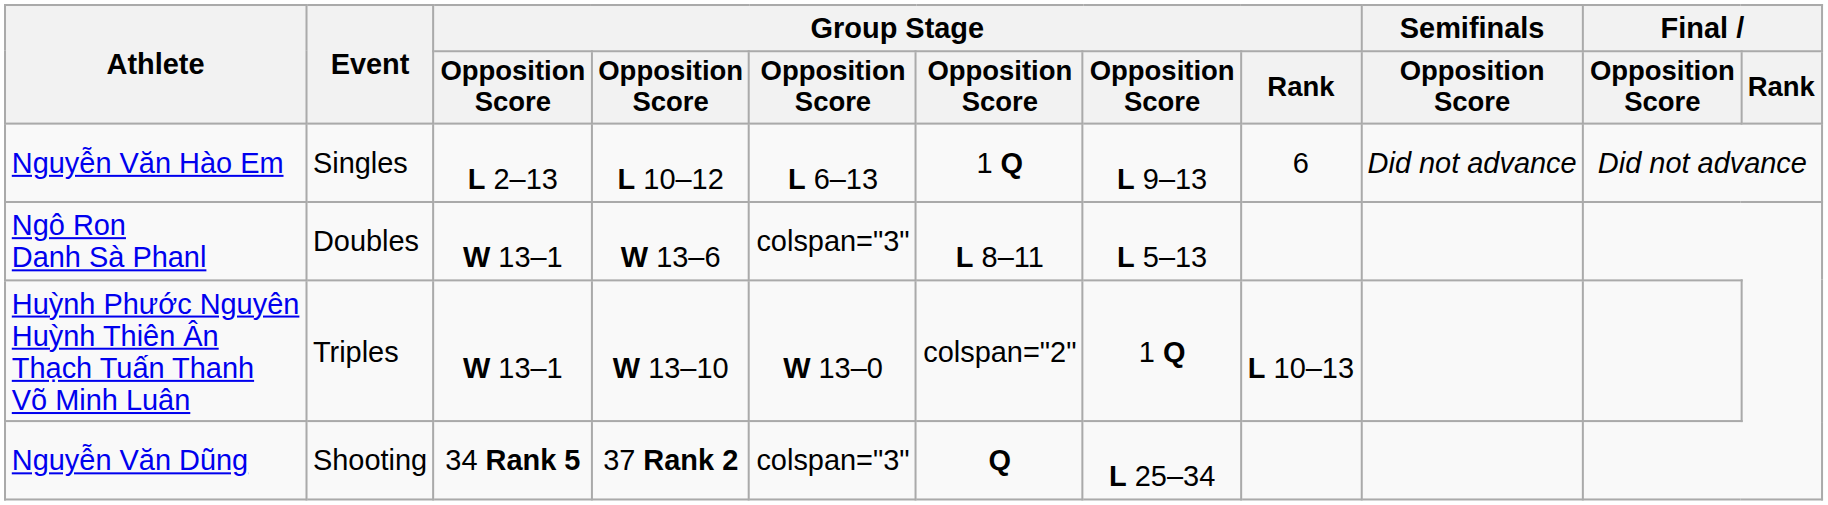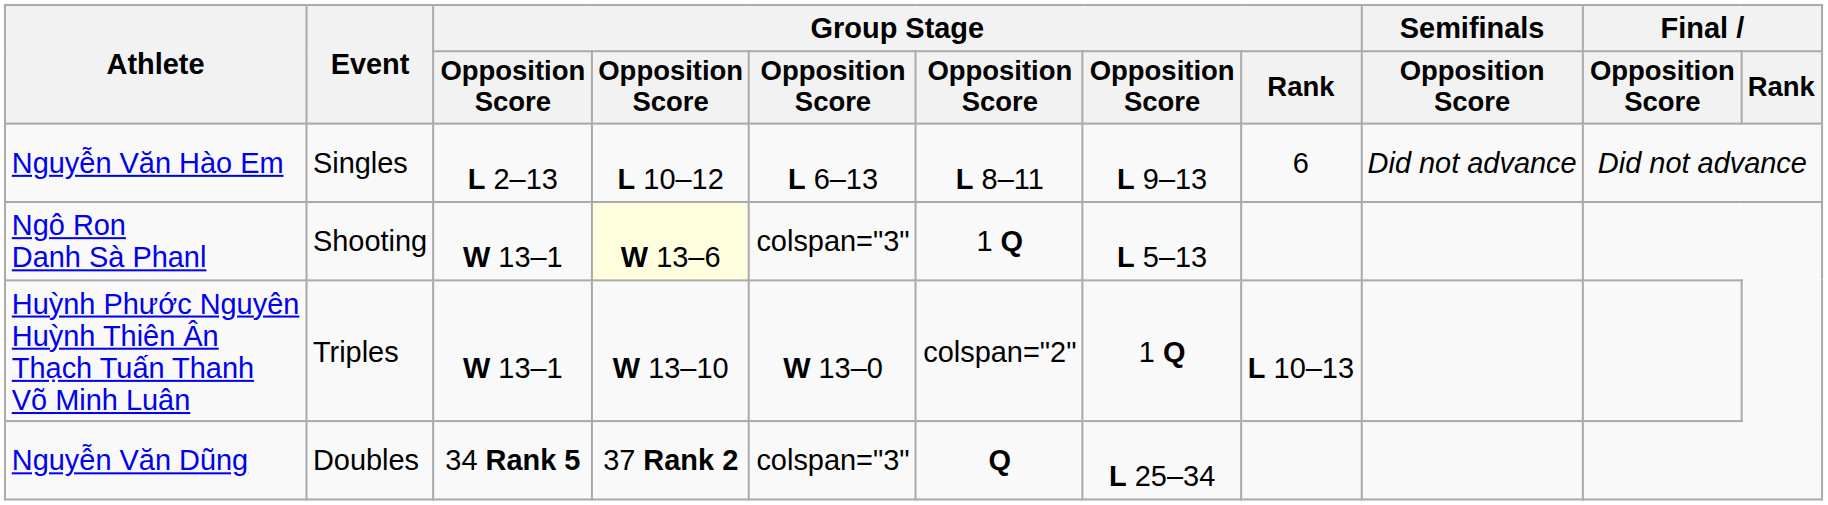 <table class="wikitable" style="font-size:90%">
 <tr>
 <th rowspan="2">Athlete</th>
 <th rowspan="2">Event</th>
 <th colspan="6">Group Stage</th>
 <th>Semifinals</th>
 <th colspan="2">Final / </th>
 </tr>
 <tr style="font-size:95%">
 <th>Opposition<br>Score</th>
 <th>Opposition<br>Score</th>
 <th>Opposition<br>Score</th>
 <th>Opposition<br>Score</th>
 <th>Opposition<br>Score</th>
 <th>Rank</th>
 <th>Opposition<br>Score</th>
 <th>Opposition<br>Score</th>
 <th>Rank</th>
 </tr>
 <tr align="center">
 <td align="left"><a href='#'>Nguyễn Văn Hào Em</a></td>
 <td align="left">Singles</td>
 <td><br><strong>L</strong> 2–13</td>
 <td><br><strong>L</strong> 10–12</td>
 <td><br><strong>L</strong> 6–13</td>
-<td>1 <strong>Q</strong></td>
+<td><br><strong>L</strong> 8–11</td>
 <td><br><strong>L</strong> 9–13</td>
 <td>6</td>
 <td><em>Did not advance</em></td>
 <td colspan="2"><em>Did not advance</em></td>
 </tr>
 <tr align="center">
 <td align="left"><a href='#'>Ngô Ron</a><br><a href='#'>Danh Sà Phanl</a></td>
-<td align="left">Doubles</td>
+<td align="left">Shooting</td>
 <td><br><strong>W</strong> 13–1</td>
-<td><br><strong>W</strong> 13–6</td>
+<td style="background: lightyellow;"><br><strong>W</strong> 13–6</td>
 <td>colspan="3" </td>
-<td><br><strong>L</strong> 8–11</td>
+<td>1 <strong>Q</strong></td>
 <td><br><strong>L</strong> 5–13</td>
 <td></td>
 <td></td>
 </tr>
 <tr align="center">
 <td align="left"><a href='#'>Huỳnh Phước Nguyên</a><br><a href='#'>Huỳnh Thiên Ân</a><br><a href='#'>Thạch Tuấn Thanh</a><br><a href='#'>Võ Minh Luân</a></td>
 <td align="left">Triples</td>
 <td><br><strong>W</strong> 13–1</td>
 <td><br><strong>W</strong> 13–10</td>
 <td><br><strong>W</strong> 13–0</td>
 <td>colspan="2" </td>
 <td>1 <strong>Q</strong></td>
 <td><br><strong>L</strong> 10–13</td>
 <td></td>
 <td></td>
 </tr>
 <tr align="center">
 <td align="left"><a href='#'>Nguyễn Văn Dũng</a></td>
-<td align="left">Shooting</td>
+<td align="left">Doubles</td>
 <td>34 <strong>Rank 5</strong></td>
 <td>37 <strong>Rank 2</strong></td>
 <td>colspan="3" </td>
 <td><strong>Q</strong></td>
 <td><br><strong>L</strong> 25–34</td>
 <td></td>
 <td></td>
 </tr>
 </table>
